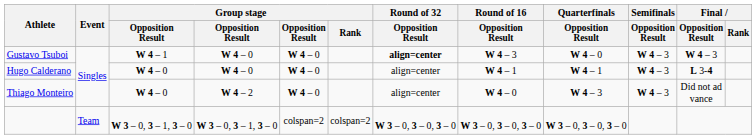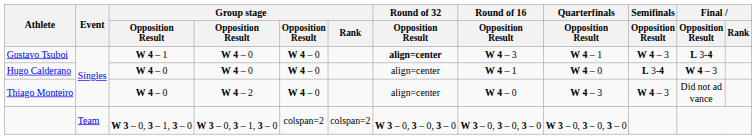 <table class="wikitable" style="font-size:90%">
 <tr>
 <th rowspan=2>Athlete</th>
 <th rowspan=2>Event</th>
 <th colspan=4>Group stage</th>
 <th>Round of 32</th>
 <th>Round of 16</th>
 <th>Quarterfinals</th>
 <th>Semifinals</th>
 <th colspan=2>Final / </th>
 </tr>
 <tr style="font-size:95%">
 <th>Opposition<br>Result</th>
 <th>Opposition<br>Result</th>
 <th>Opposition<br>Result</th>
 <th>Rank</th>
 <th>Opposition<br>Result</th>
 <th>Opposition<br>Result</th>
 <th>Opposition<br>Result</th>
 <th>Opposition<br>Result</th>
 <th>Opposition<br>Result</th>
 <th>Rank</th>
 </tr>
 <tr align=center>
 <td align=left><a href='#'>Gustavo Tsuboi</a></td>
 <td align=left rowspan=3><a href='#'>Singles</a></td>
 <td><strong>W</strong> <strong>4</strong> – 1</td>
 <td> <strong>W</strong> <strong>4</strong> – 0</td>
 <td> <strong>W</strong> <strong>4</strong> – 0</td>
 <td></td>
 <td><strong>align=center </strong></td>
 <td> <strong>W</strong> <strong>4</strong> – 3</td>
-<td> <strong>W</strong> <strong>4</strong> – 0</td>
+<td> <strong>W</strong> <strong>4</strong> – 1</td>
 <td> <strong>W</strong> <strong>4</strong> – 3</td>
-<td> <strong>W</strong> <strong>4</strong> – 3</td>
+<td> <strong>L</strong> 3-<strong>4</strong></td>
 <td></td>
 </tr>
 <tr align=center>
 <td align=left><a href='#'>Hugo Calderano</a></td>
 <td><strong>W</strong> <strong>4</strong> – 0</td>
 <td> <strong>W</strong> <strong>4</strong> – 0</td>
 <td> <strong>W</strong> <strong>4</strong> – 0</td>
 <td></td>
 <td>align=center </td>
 <td> <strong>W</strong> <strong>4</strong> – 1</td>
-<td> <strong>W</strong> <strong>4</strong> – 1</td>
+<td> <strong>W</strong> <strong>4</strong> – 0</td>
+<td> <strong>L</strong> 3-<strong>4</strong></td>
 <td> <strong>W</strong> <strong>4</strong> – 3</td>
-<td> <strong>L</strong> 3-<strong>4</strong></td>
 <td></td>
 </tr>
 <tr align=center>
 <td align=left><a href='#'>Thiago Monteiro</a></td>
 <td> <strong>W</strong> <strong>4</strong> – 0</td>
 <td> <strong>W</strong> <strong>4</strong> – 2</td>
 <td> <strong>W</strong> <strong>4</strong> – 0</td>
 <td></td>
 <td>align=center </td>
 <td> <strong>W</strong> <strong>4</strong> – 0</td>
 <td> <strong>W</strong> <strong>4</strong> – 3</td>
 <td> <strong>W</strong> <strong>4</strong> – 3</td>
 <td>Did not ad<br>vance</td>
 <td></td>
 </tr>
 <tr align=center>
 <td align=left></td>
 <td align=left><a href='#'>Team</a></td>
 <td><br> <strong>W</strong> <strong>3</strong> – 0, <strong>3</strong> – 1, <strong>3</strong> – 0</td>
 <td><br> <strong>W</strong> <strong>3</strong> – 0, <strong>3</strong> – 1, <strong>3</strong> – 0</td>
 <td>colspan=2 </td>
 <td>colspan=2 </td>
 <td><br> <strong>W</strong> <strong>3</strong> – 0, <strong>3</strong> – 0, <strong>3</strong> – 0</td>
 <td><br> <strong>W</strong> <strong>3</strong> – 0, <strong>3</strong> – 0, <strong>3</strong> – 0</td>
 <td><br> <strong>W</strong> <strong>3</strong> – 0, <strong>3</strong> – 0, <strong>3</strong> – 0</td>
 <td></td>
 </tr>
 </table>
